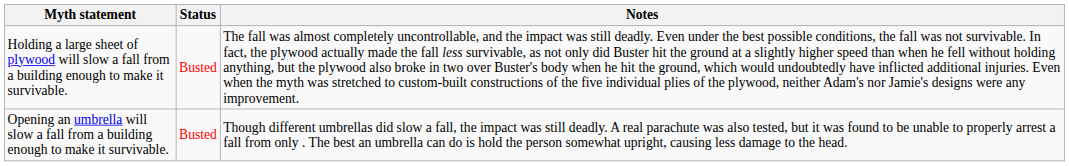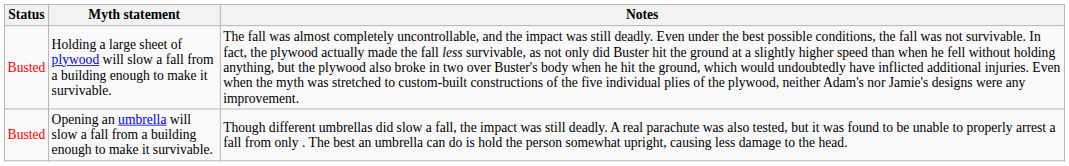 <table class="wikitable plainrowheaders">
 <tr>
+<th>Status</th>
 <th>Myth statement</th>
-<th>Status</th>
 <th>Notes</th>
 </tr>
 <tr>
+<td style="color:red">Busted</td>
 <td>Holding a large sheet of <a href='#'>plywood</a> will slow a fall from a building enough to make it survivable.</td>
-<td style="color:red">Busted</td>
 <td>The fall was almost completely uncontrollable, and the impact was still deadly. Even under the best possible conditions, the fall was not survivable. In fact, the plywood actually made the fall <em>less</em> survivable, as not only did Buster hit the ground at a slightly higher speed than when he fell without holding anything, but the plywood also broke in two over Buster's body when he hit the ground, which would undoubtedly have inflicted additional injuries. Even when the myth was stretched to custom-built constructions of the five individual plies of the plywood, neither Adam's nor Jamie's designs were any improvement.</td>
 </tr>
 <tr>
+<td style="color:red">Busted</td>
 <td>Opening an <a href='#'>umbrella</a> will slow a fall from a building enough to make it survivable.</td>
-<td style="color:red">Busted</td>
 <td>Though different umbrellas did slow a fall, the impact was still deadly. A real parachute was also tested, but it was found to be unable to properly arrest a fall from only . The best an umbrella can do is hold the person somewhat upright, causing less damage to the head.</td>
 </tr>
 </table>
